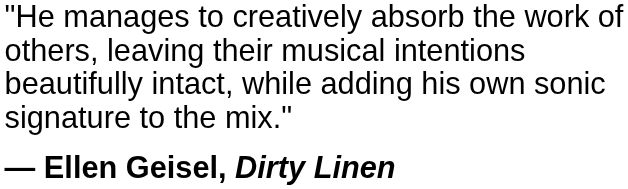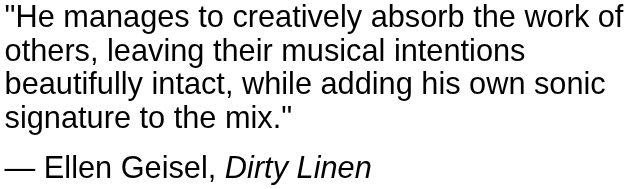 <table class="toccolours" style="float: right; margin-left: 1em; margin-right: 2em; font-size: 85%; background:offwhite; color:black; width:22em; max-width: 40%;" cellspacing="5">
 <tr>
 <td style="text-align: left;">"He manages to creatively absorb the work of others, leaving their musical intentions beautifully intact, while adding his own sonic signature to the mix."</td>
 </tr>
 <tr>
-<td style="text-align: left;"><strong>— Ellen Geisel, <em>Dirty Linen</em></strong></td>
+<td style="text-align: left;">— Ellen Geisel, <em>Dirty Linen</em></td>
 </tr>
 </table>
